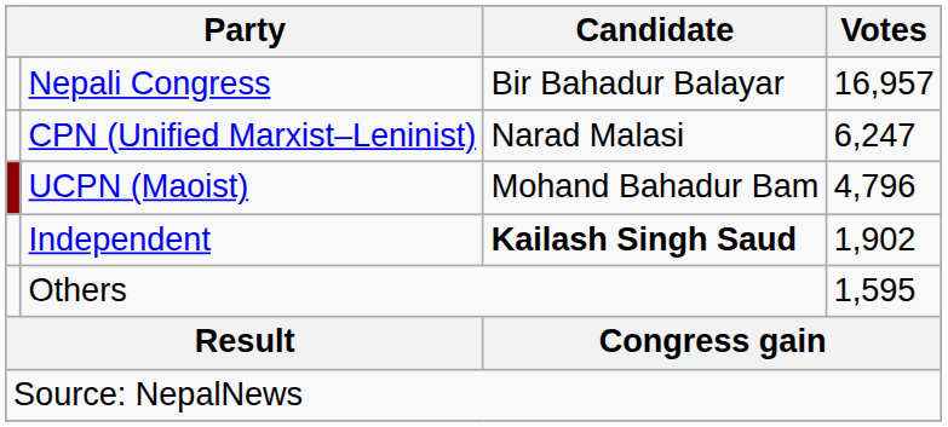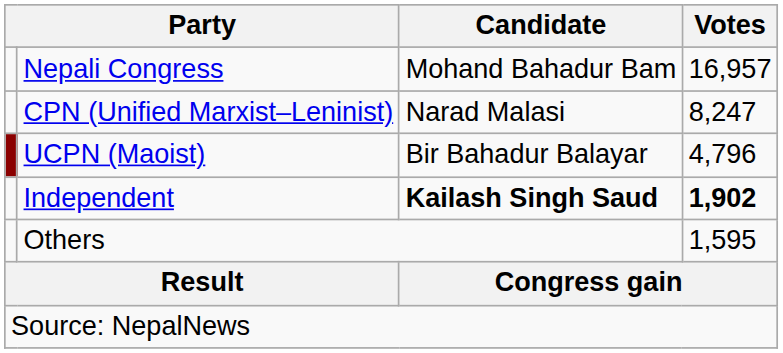 <table class="wikitable">
 <tr>
 <th colspan="2">Party</th>
 <th>Candidate</th>
 <th>Votes</th>
 </tr>
 <tr>
 <td style="background-color:"></td>
 <td><a href='#'>Nepali Congress</a></td>
-<td>Bir Bahadur Balayar</td>
+<td>Mohand Bahadur Bam</td>
 <td>16,957</td>
 </tr>
 <tr>
 <td style="background-color:"></td>
 <td><a href='#'>CPN (Unified Marxist–Leninist)</a></td>
 <td>Narad Malasi</td>
-<td>6,247</td>
+<td>8,247</td>
 </tr>
 <tr>
 <td style="background-color:darkred"></td>
 <td><a href='#'>UCPN (Maoist)</a></td>
-<td>Mohand Bahadur Bam</td>
+<td>Bir Bahadur Balayar</td>
 <td>4,796</td>
 </tr>
 <tr>
 <td style="background-color:"></td>
 <td><a href='#'>Independent</a></td>
 <td><strong>Kailash Singh Saud</strong></td>
-<td>1,902</td>
+<td><strong>1,902</strong></td>
 </tr>
 <tr>
 <td></td>
 <td colspan="2">Others</td>
 <td>1,595</td>
 </tr>
 <tr>
 <th colspan="2">Result</th>
 <th colspan="2">Congress gain</th>
 </tr>
 <tr>
 <td colspan="4">Source: NepalNews</td>
 </tr>
 </table>
